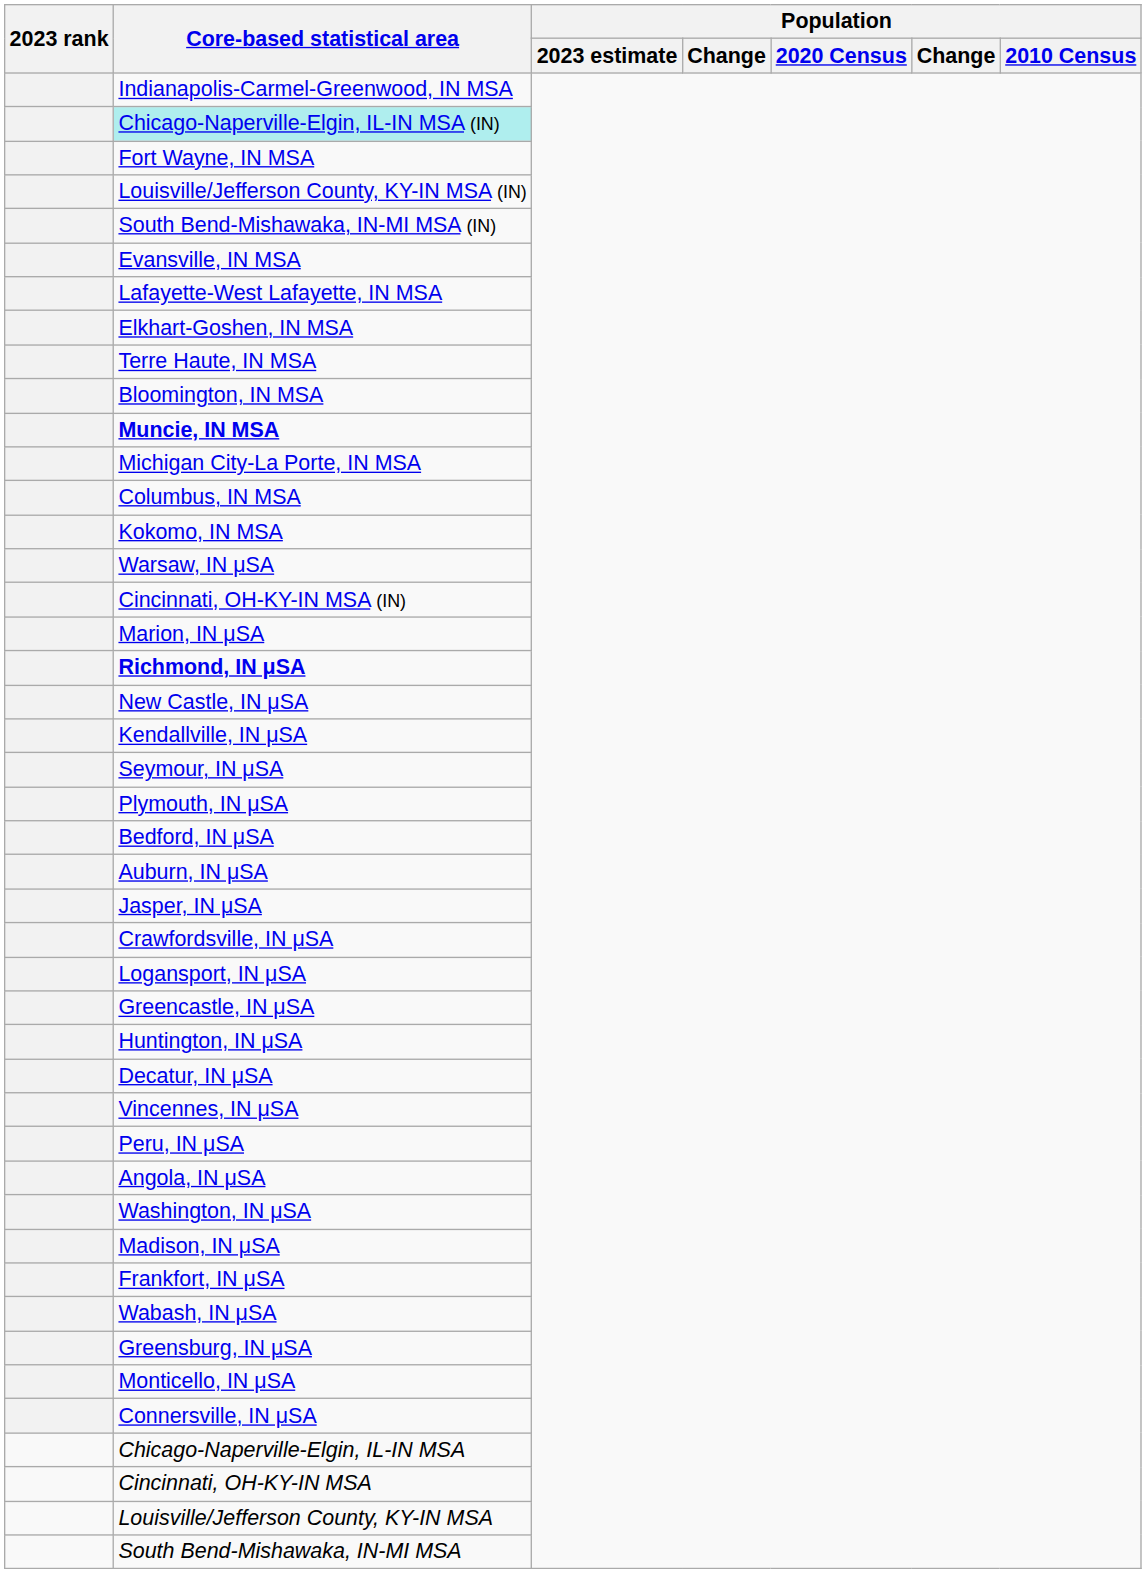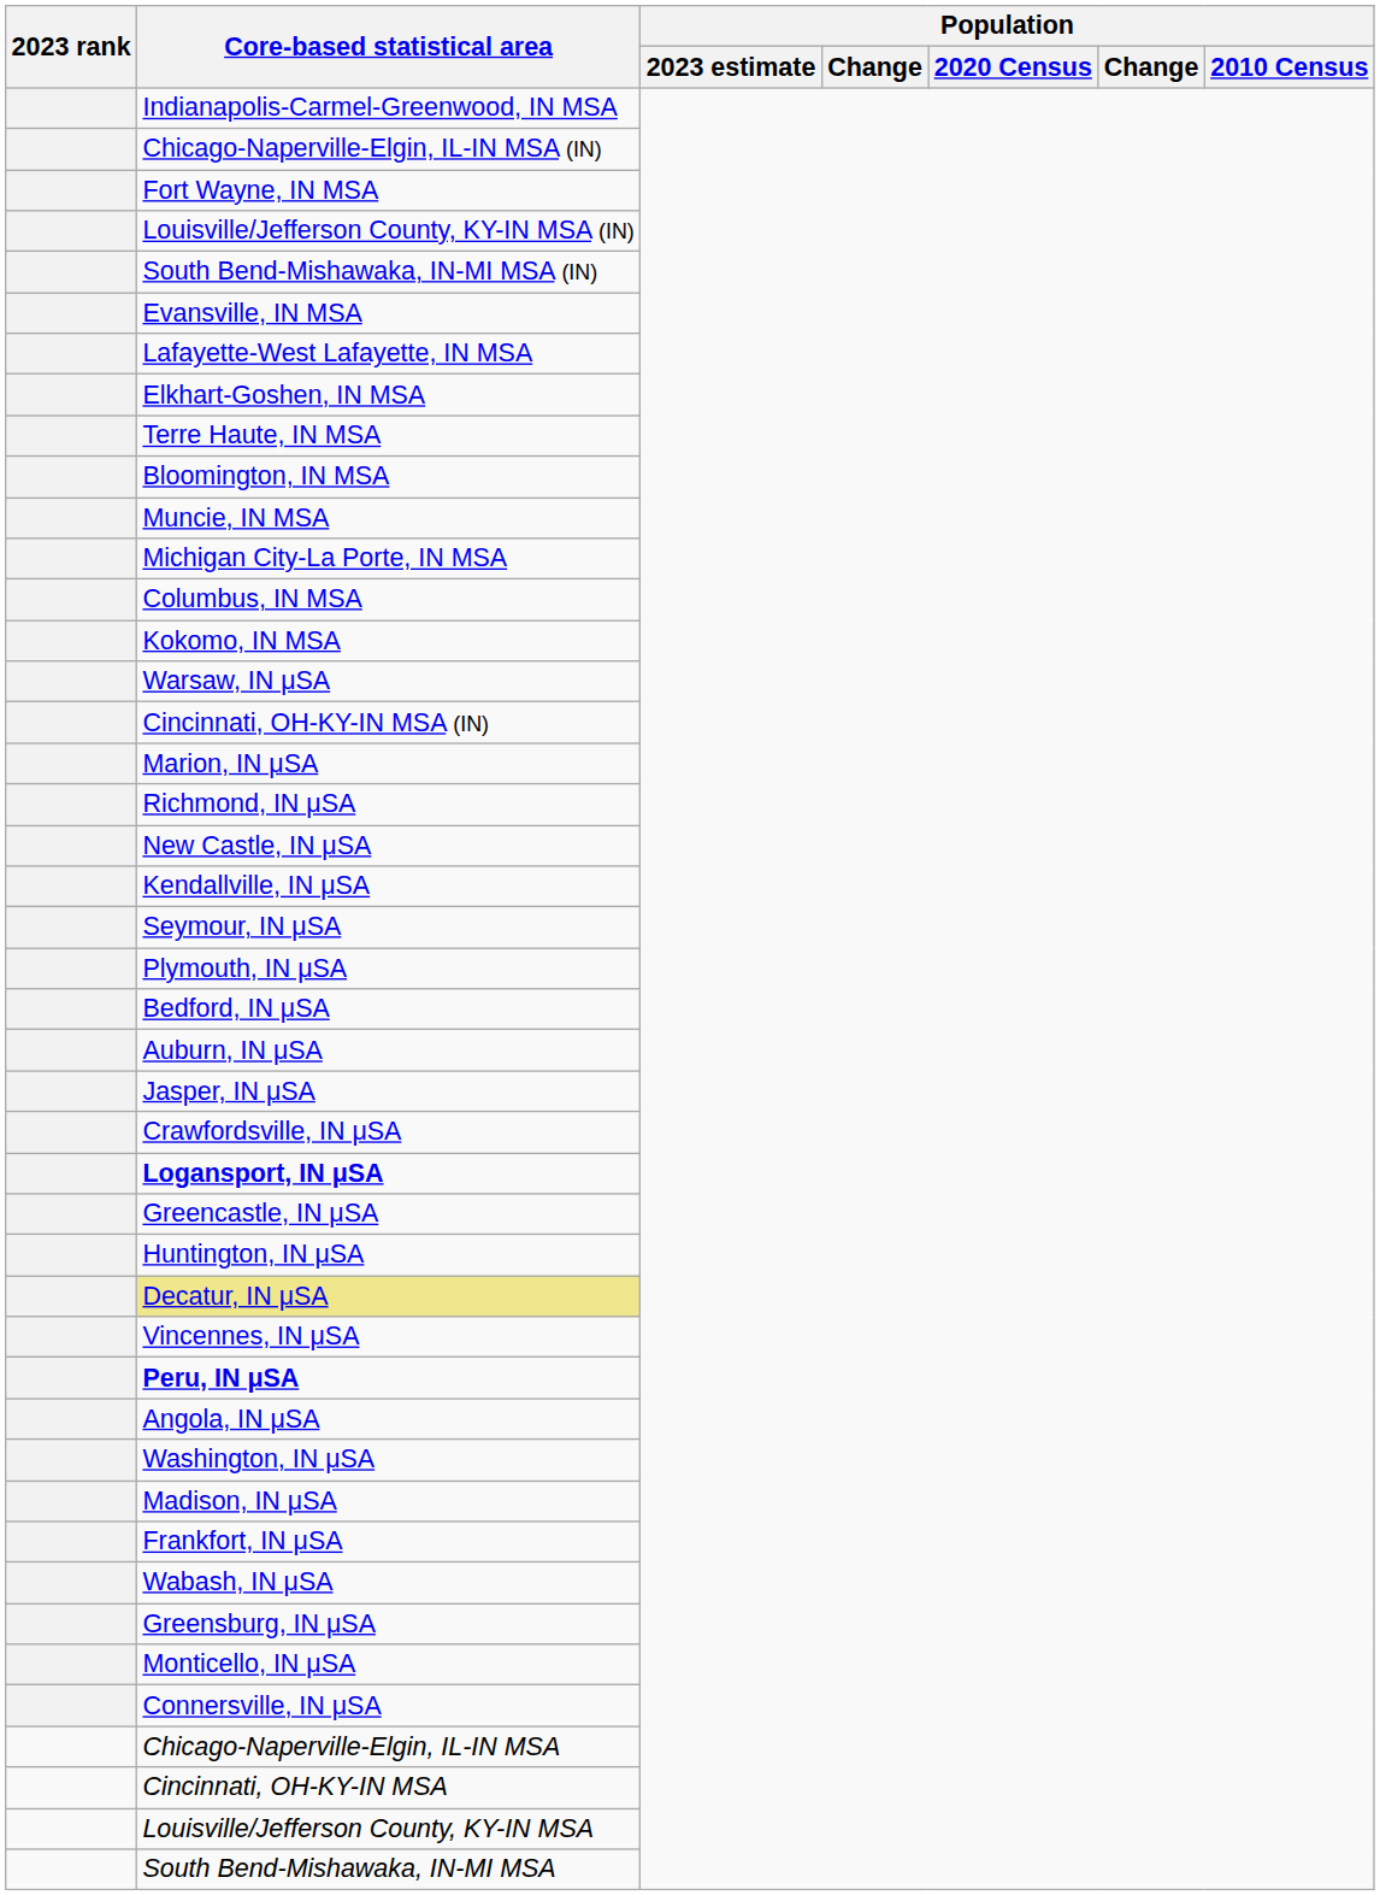 <table class="wikitable sortable">
 <tr>
 <th scope=col rowspan=2>2023 rank</th>
 <th scope=col rowspan=2><a href='#'>Core-based statistical area</a></th>
 <th colspan=5>Population</th>
 </tr>
 <tr>
 <th scope=col>2023 estimate</th>
 <th scope=col>Change</th>
 <th scope=col><a href='#'>2020 Census</a></th>
 <th scope=col>Change</th>
 <th scope=col><a href='#'>2010 Census</a></th>
 </tr>
 <tr>
 <th scope=row></th>
 <td><a href='#'>Indianapolis-Carmel-Greenwood, IN MSA</a><br></td>
 </tr>
 <tr>
 <th scope=row></th>
-<td style="background: paleturquoise;"><a href='#'>Chicago-Naperville-Elgin, IL-IN MSA</a> <small>(IN)</small><br></td>
+<td><a href='#'>Chicago-Naperville-Elgin, IL-IN MSA</a> <small>(IN)</small><br></td>
 </tr>
 <tr>
 <th scope=row></th>
 <td><a href='#'>Fort Wayne, IN MSA</a><br></td>
 </tr>
 <tr>
 <th scope=row></th>
 <td><a href='#'>Louisville/Jefferson County, KY-IN MSA</a> <small>(IN)</small><br></td>
 </tr>
 <tr>
 <th scope=row></th>
 <td><a href='#'>South Bend-Mishawaka, IN-MI MSA</a> <small>(IN)</small><br></td>
 </tr>
 <tr>
 <th scope=row></th>
 <td><a href='#'>Evansville, IN MSA</a><br></td>
 </tr>
 <tr>
 <th scope=row></th>
 <td><a href='#'>Lafayette-West Lafayette, IN MSA</a><br></td>
 </tr>
 <tr>
 <th scope=row></th>
 <td><a href='#'>Elkhart-Goshen, IN MSA</a><br></td>
 </tr>
 <tr>
 <th scope=row></th>
 <td><a href='#'>Terre Haute, IN MSA</a><br></td>
 </tr>
 <tr>
 <th scope=row></th>
 <td><a href='#'>Bloomington, IN MSA</a><br></td>
 </tr>
 <tr>
 <th scope=row></th>
-<td><strong><a href='#'>Muncie, IN MSA</a><br></strong></td>
+<td><a href='#'>Muncie, IN MSA</a><br></td>
 </tr>
 <tr>
 <th scope=row></th>
 <td><a href='#'>Michigan City-La Porte, IN MSA</a><br></td>
 </tr>
 <tr>
 <th scope=row></th>
 <td><a href='#'>Columbus, IN MSA</a><br></td>
 </tr>
 <tr>
 <th scope=row></th>
 <td><a href='#'>Kokomo, IN MSA</a><br></td>
 </tr>
 <tr>
 <th scope=row></th>
 <td><a href='#'>Warsaw, IN μSA</a><br></td>
 </tr>
 <tr>
 <th scope=row></th>
 <td><a href='#'>Cincinnati, OH-KY-IN MSA</a> <small>(IN)</small><br></td>
 </tr>
 <tr>
 <th scope=row></th>
 <td><a href='#'>Marion, IN μSA</a><br></td>
 </tr>
 <tr>
 <th scope=row></th>
-<td><strong><a href='#'>Richmond, IN μSA</a><br></strong></td>
+<td><a href='#'>Richmond, IN μSA</a><br></td>
 </tr>
 <tr>
 <th scope=row></th>
 <td><a href='#'>New Castle, IN μSA</a><br></td>
 </tr>
 <tr>
 <th scope=row></th>
 <td><a href='#'>Kendallville, IN μSA</a><br></td>
 </tr>
 <tr>
 <th scope=row></th>
 <td><a href='#'>Seymour, IN μSA</a><br></td>
 </tr>
 <tr>
 <th scope=row></th>
 <td><a href='#'>Plymouth, IN μSA</a><br></td>
 </tr>
 <tr>
 <th scope=row></th>
 <td><a href='#'>Bedford, IN μSA</a><br></td>
 </tr>
 <tr>
 <th scope=row></th>
 <td><a href='#'>Auburn, IN μSA</a><br></td>
 </tr>
 <tr>
 <th scope=row></th>
 <td><a href='#'>Jasper, IN μSA</a><br></td>
 </tr>
 <tr>
 <th scope=row></th>
 <td><a href='#'>Crawfordsville, IN μSA</a><br></td>
 </tr>
 <tr>
 <th scope=row></th>
-<td><a href='#'>Logansport, IN μSA</a><br></td>
+<td><strong><a href='#'>Logansport, IN μSA</a><br></strong></td>
 </tr>
 <tr>
 <th scope=row></th>
 <td><a href='#'>Greencastle, IN μSA</a><br></td>
 </tr>
 <tr>
 <th scope=row></th>
 <td><a href='#'>Huntington, IN μSA</a><br></td>
 </tr>
 <tr>
 <th scope=row></th>
-<td><a href='#'>Decatur, IN μSA</a><br></td>
+<td style="background: khaki;"><a href='#'>Decatur, IN μSA</a><br></td>
 </tr>
 <tr>
 <th scope=row></th>
 <td><a href='#'>Vincennes, IN μSA</a><br></td>
 </tr>
 <tr>
 <th scope=row></th>
-<td><a href='#'>Peru, IN μSA</a><br></td>
+<td><strong><a href='#'>Peru, IN μSA</a><br></strong></td>
 </tr>
 <tr>
 <th scope=row></th>
 <td><a href='#'>Angola, IN μSA</a><br></td>
 </tr>
 <tr>
 <th scope=row></th>
 <td><a href='#'>Washington, IN μSA</a><br></td>
 </tr>
 <tr>
 <th scope=row></th>
 <td><a href='#'>Madison, IN μSA</a><br></td>
 </tr>
 <tr>
 <th scope=row></th>
 <td><a href='#'>Frankfort, IN μSA</a><br></td>
 </tr>
 <tr>
 <th scope=row></th>
 <td><a href='#'>Wabash, IN μSA</a><br></td>
 </tr>
 <tr>
 <th scope=row></th>
 <td><a href='#'>Greensburg, IN μSA</a><br></td>
 </tr>
 <tr>
 <th scope=row></th>
 <td><a href='#'>Monticello, IN μSA</a><br></td>
 </tr>
 <tr>
 <th scope=row></th>
 <td><a href='#'>Connersville, IN μSA</a><br></td>
 </tr>
 <tr>
 <td></td>
 <td><em><span>Chicago-Naperville-Elgin, IL-IN MSA</span></em><br></td>
 </tr>
 <tr>
 <td></td>
 <td><em><span>Cincinnati, OH-KY-IN MSA</span></em><br></td>
 </tr>
 <tr>
 <td></td>
 <td><em><span>Louisville/Jefferson County, KY-IN MSA</span></em><br></td>
 </tr>
 <tr>
 <td></td>
 <td><em><span>South Bend-Mishawaka, IN-MI MSA</span></em><br></td>
 </tr>
 </table>
